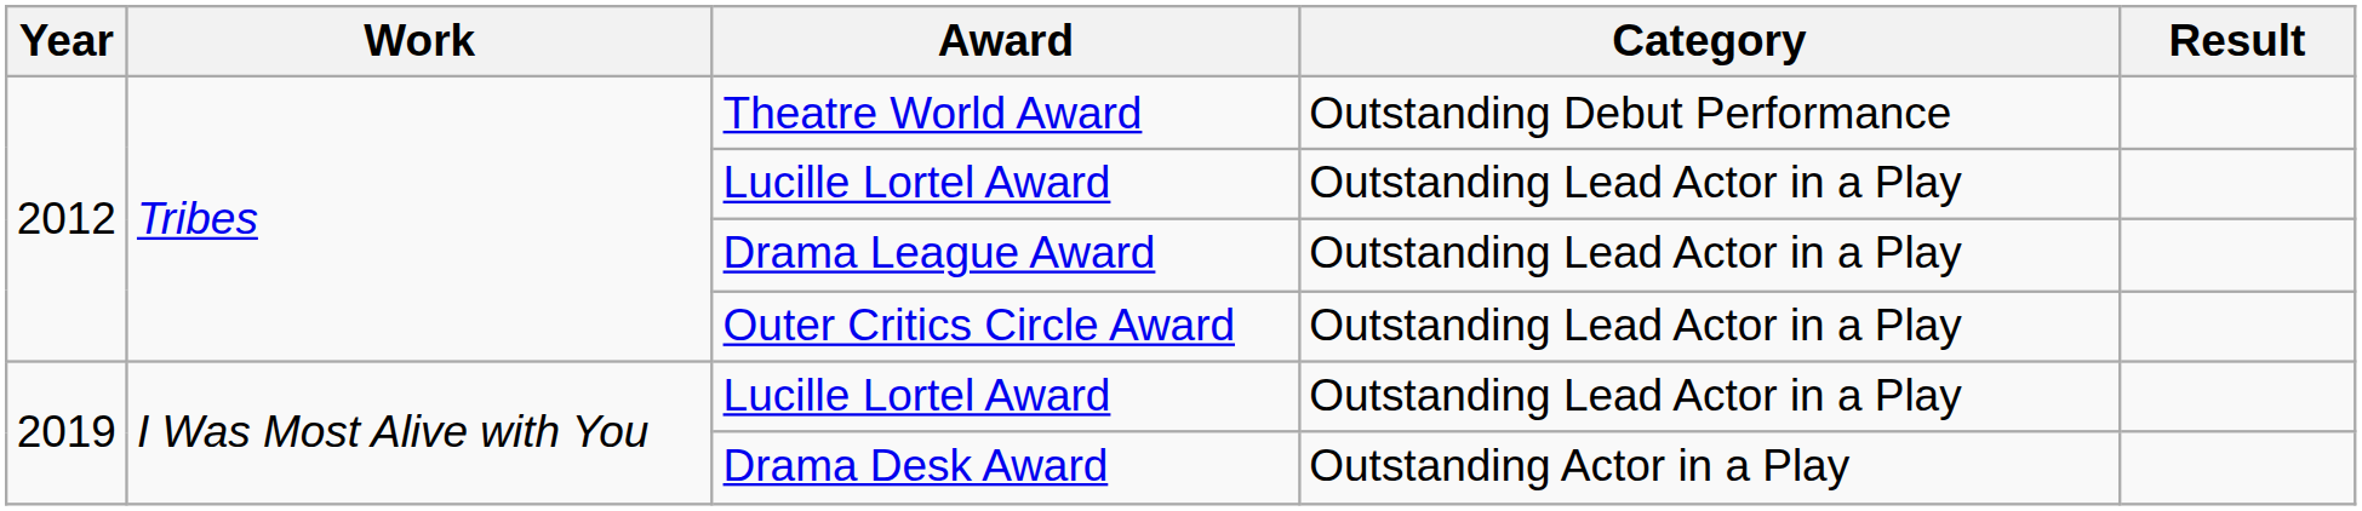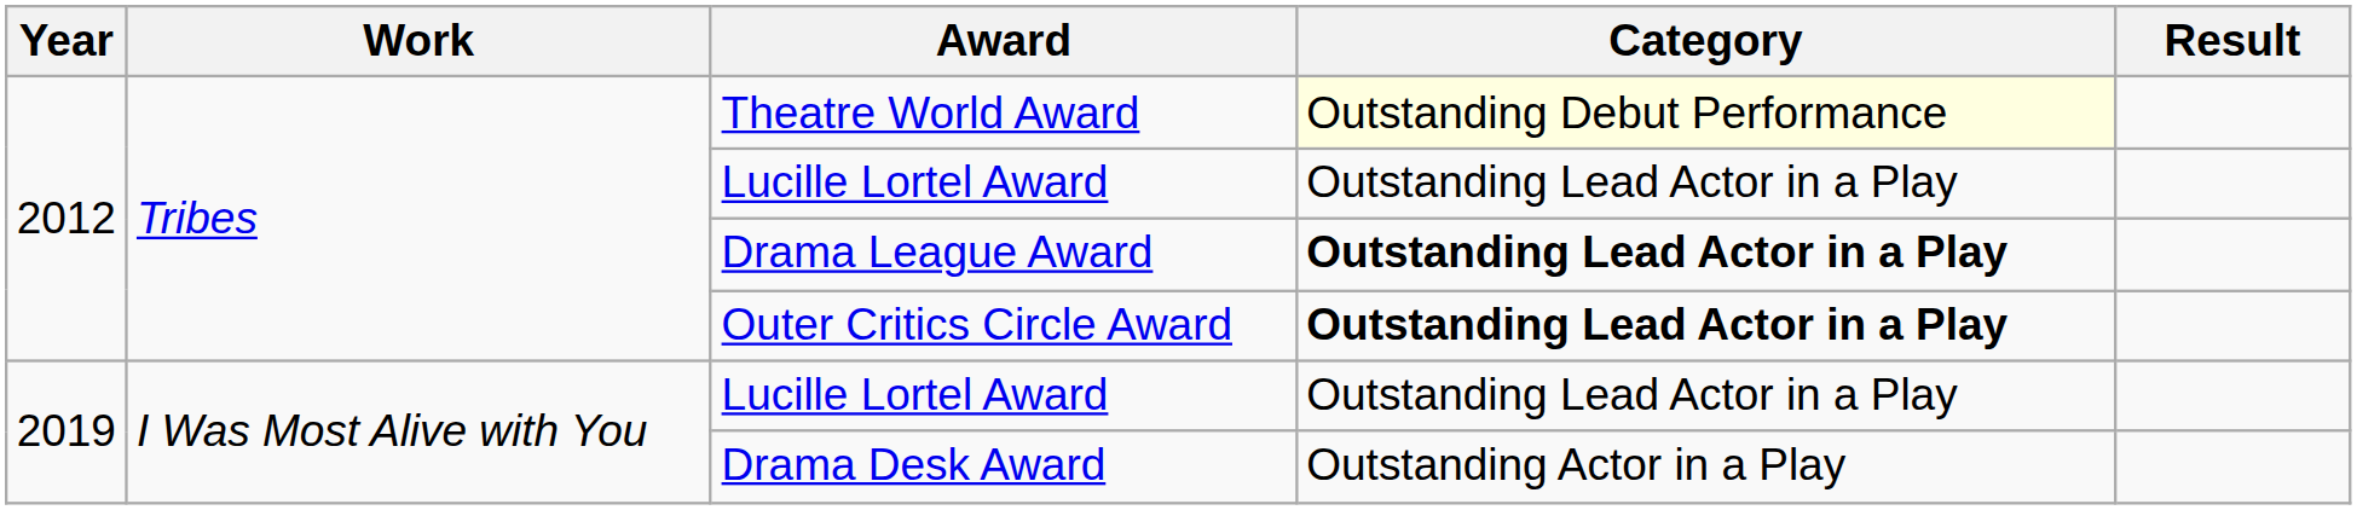 <table class="wikitable sortable" style="width:95%;">
 <tr>
 <th style="width:5%;">Year</th>
 <th style="width:25%;">Work</th>
 <th style="width:25%;">Award</th>
 <th style="width:35%;">Category</th>
 <th style="width:10%;">Result</th>
 </tr>
 <tr>
 <td rowspan="4" style="text-align:center;">2012</td>
 <td rowspan="4"><em><a href='#'>Tribes</a></em></td>
 <td><a href='#'>Theatre World Award</a></td>
-<td>Outstanding Debut Performance</td>
+<td style="background: lightyellow;">Outstanding Debut Performance</td>
 <td></td>
 </tr>
 <tr>
 <td><a href='#'>Lucille Lortel Award</a></td>
 <td>Outstanding Lead Actor in a Play</td>
 <td></td>
 </tr>
 <tr>
 <td><a href='#'>Drama League Award</a></td>
-<td>Outstanding Lead Actor in a Play</td>
+<td><strong>Outstanding Lead Actor in a Play</strong></td>
 <td></td>
 </tr>
 <tr>
 <td><a href='#'>Outer Critics Circle Award</a></td>
-<td>Outstanding Lead Actor in a Play</td>
+<td><strong>Outstanding Lead Actor in a Play</strong></td>
 <td></td>
 </tr>
 <tr>
 <td rowspan="2" style="text-align:center;">2019</td>
 <td rowspan="2"><em>I Was Most Alive with You</em></td>
 <td><a href='#'>Lucille Lortel Award</a></td>
 <td>Outstanding Lead Actor in a Play</td>
 <td></td>
 </tr>
 <tr>
 <td><a href='#'>Drama Desk Award</a></td>
 <td>Outstanding Actor in a Play</td>
 <td></td>
 </tr>
 </table>
